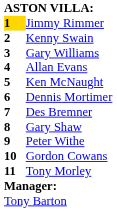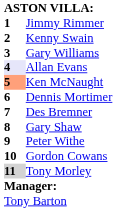 <table style="font-size: 90%" cellspacing="0" cellpadding="0">
 <tr>
 <td colspan="4"><strong>ASTON VILLA:</strong></td>
 </tr>
 <tr>
 <th width="25"></th>
 </tr>
 <tr>
-<td style="background: gold;"><strong>1</strong></td>
+<td><strong>1</strong></td>
 <td> <a href='#'>Jimmy Rimmer</a></td>
 </tr>
 <tr>
 <td><strong>2</strong></td>
 <td> <a href='#'>Kenny Swain</a></td>
 </tr>
 <tr>
 <td><strong>3</strong></td>
 <td> <a href='#'>Gary Williams</a></td>
 </tr>
 <tr>
-<td><strong>4</strong></td>
+<td style="background: lavender;"><strong>4</strong></td>
 <td> <a href='#'>Allan Evans</a></td>
 </tr>
 <tr>
-<td><strong>5</strong></td>
+<td style="background: lightsalmon;"><strong>5</strong></td>
 <td> <a href='#'>Ken McNaught</a></td>
 </tr>
 <tr>
 <td><strong>6</strong></td>
 <td> <a href='#'>Dennis Mortimer</a></td>
 </tr>
 <tr>
 <td><strong>7</strong></td>
 <td> <a href='#'>Des Bremner</a></td>
 </tr>
 <tr>
 <td><strong>8</strong></td>
 <td> <a href='#'>Gary Shaw</a></td>
 </tr>
 <tr>
 <td><strong>9</strong></td>
 <td> <a href='#'>Peter Withe</a></td>
 </tr>
 <tr>
 <td><strong>10</strong></td>
 <td> <a href='#'>Gordon Cowans</a></td>
 </tr>
 <tr>
-<td><strong>11</strong></td>
+<td style="background: lightgrey;"><strong>11</strong></td>
 <td> <a href='#'>Tony Morley</a></td>
 </tr>
 <tr>
 <td colspan=4><strong>Manager:</strong></td>
 </tr>
 <tr>
 <td colspan="4"> <a href='#'>Tony Barton</a></td>
 </tr>
 </table>
